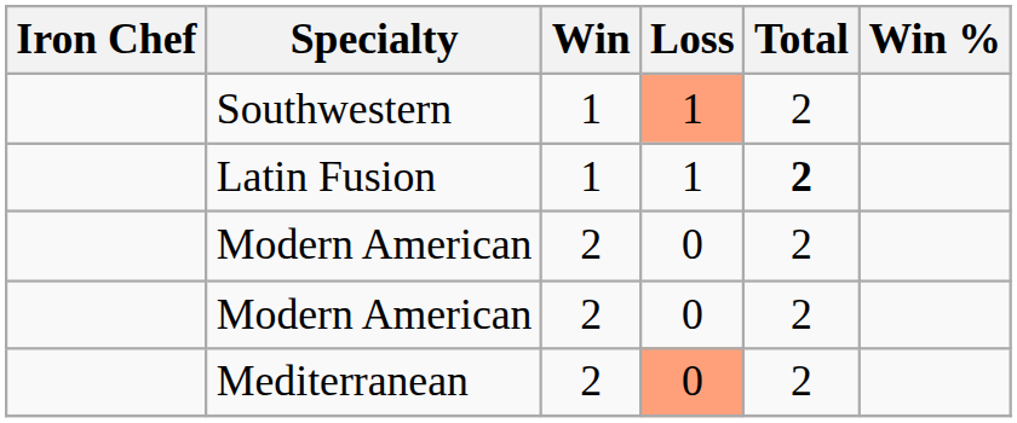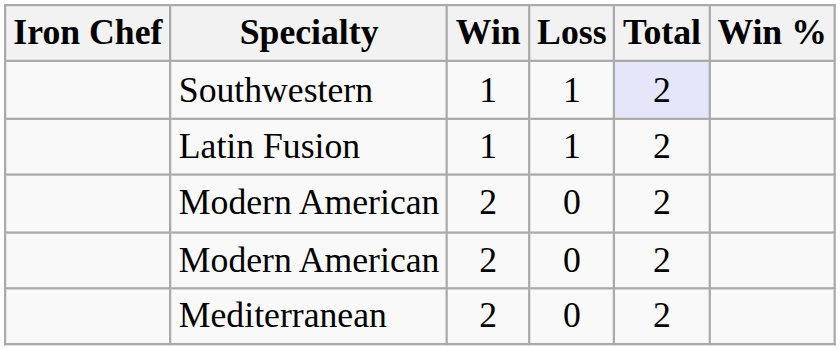 <table class="wikitable sortable" align="left" style="margin: auto; text-align: center;">
 <tr>
 <th>Iron Chef</th>
 <th>Specialty</th>
 <th>Win</th>
 <th>Loss</th>
 <th>Total</th>
 <th>Win %</th>
 </tr>
 <tr>
 <td align="left"></td>
 <td align="left">Southwestern</td>
 <td>1</td>
-<td style="background: lightsalmon;">1</td>
-<td>2</td>
+<td>1</td>
+<td style="background: lavender;">2</td>
 <td></td>
 </tr>
 <tr>
 <td align="left"></td>
 <td align="left">Latin Fusion</td>
 <td>1</td>
 <td>1</td>
-<td><strong>2</strong></td>
+<td>2</td>
 <td></td>
 </tr>
 <tr>
 <td align="left"></td>
 <td align="left">Modern American  </td>
 <td>2</td>
 <td>0</td>
 <td>2</td>
 <td></td>
 </tr>
 <tr>
 <td align="left"></td>
 <td align="left">Modern American</td>
 <td>2</td>
 <td>0</td>
 <td>2</td>
 <td></td>
 </tr>
 <tr>
 <td align="left"></td>
 <td align="left">Mediterranean</td>
 <td>2</td>
-<td style="background: lightsalmon;">0</td>
+<td>0</td>
 <td>2</td>
 <td></td>
 </tr>
 <tr>
 </tr>
 </table>
